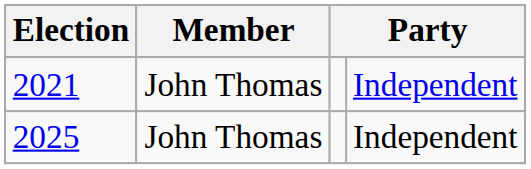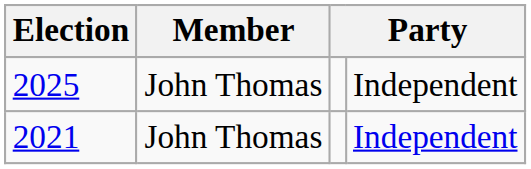 <table class="wikitable">
 <tr>
 <th>Election</th>
 <th>Member</th>
 <th colspan="2">Party</th>
 </tr>
 <tr>
+<td><a href='#'>2025</a></td>
+<td>John Thomas</td>
+<td></td>
+<td>Independent</td>
+</tr>
+<tr>
 <td><a href='#'>2021</a></td>
 <td>John Thomas</td>
 <td style="background-color: "></td>
 <td><a href='#'>Independent</a></td>
 </tr>
-<tr>
-<td><a href='#'>2025</a></td>
-<td>John Thomas</td>
-<td></td>
-<td>Independent</td>
-</tr>
 </table>
